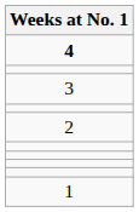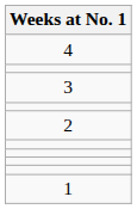 <table class="wikitable plainrowheaders" style="text-align:center;">
 <tr>
 <th>Weeks at No. 1</th>
 </tr>
 <tr>
-<td><strong>4</strong></td>
+<td>4</td>
 </tr>
 <tr>
 <td></td>
 </tr>
 <tr>
 <td>3</td>
 </tr>
 <tr>
 <td></td>
 </tr>
 <tr>
 <td>2</td>
 </tr>
 <tr>
 <td></td>
 </tr>
 <tr>
 <td></td>
 </tr>
 <tr>
 <td></td>
 </tr>
 <tr>
 <td></td>
 </tr>
 <tr>
 <td rowspan="28">1</td>
 </tr>
 <tr>
 </tr>
 <tr>
 </tr>
 <tr>
 </tr>
 <tr>
 </tr>
 <tr>
 </tr>
 <tr>
 </tr>
 <tr>
 </tr>
 <tr>
 </tr>
 <tr>
 </tr>
 <tr>
 </tr>
 <tr>
 </tr>
 <tr>
 </tr>
 <tr>
 </tr>
 <tr>
 </tr>
 <tr>
 </tr>
 <tr>
 </tr>
 <tr>
 </tr>
 <tr>
 </tr>
 <tr>
 </tr>
 <tr>
 </tr>
 <tr>
 </tr>
 <tr>
 </tr>
 <tr>
 </tr>
 <tr>
 </tr>
 <tr>
 </tr>
 <tr>
 </tr>
 </table>
